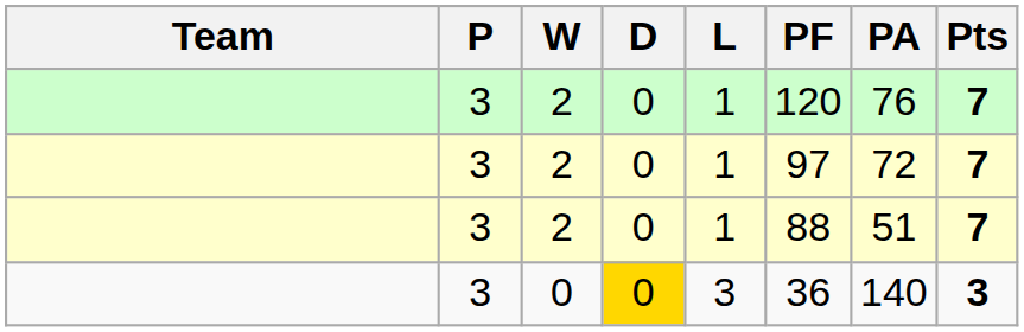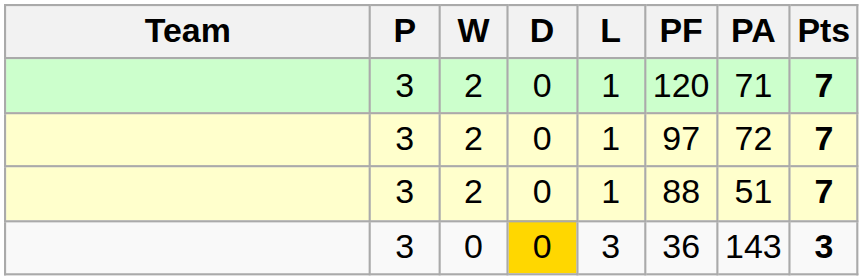 <table class="wikitable" style="text-align:center">
 <tr>
 <th width=165>Team</th>
 <th width=25>P</th>
 <th width=25>W</th>
 <th width=25>D</th>
 <th width=25>L</th>
 <th width=25>PF</th>
 <th width=25>PA</th>
 <th width=25>Pts</th>
 </tr>
 <tr style="background:#cfc">
 <td align=left></td>
 <td>3</td>
 <td>2</td>
 <td>0</td>
 <td>1</td>
 <td>120</td>
-<td>76</td>
+<td>71</td>
 <td><strong>7</strong></td>
 </tr>
 <tr style="background:#ffc">
 <td align=left></td>
 <td>3</td>
 <td>2</td>
 <td>0</td>
 <td>1</td>
 <td>97</td>
 <td>72</td>
 <td><strong>7</strong></td>
 </tr>
 <tr style="background:#ffc">
 <td align=left></td>
 <td>3</td>
 <td>2</td>
 <td>0</td>
 <td>1</td>
 <td>88</td>
 <td>51</td>
 <td><strong>7</strong></td>
 </tr>
 <tr>
 <td align=left></td>
 <td>3</td>
 <td>0</td>
 <td style="background: gold;">0</td>
 <td>3</td>
 <td>36</td>
-<td>140</td>
+<td>143</td>
 <td><strong>3</strong></td>
 </tr>
 </table>
